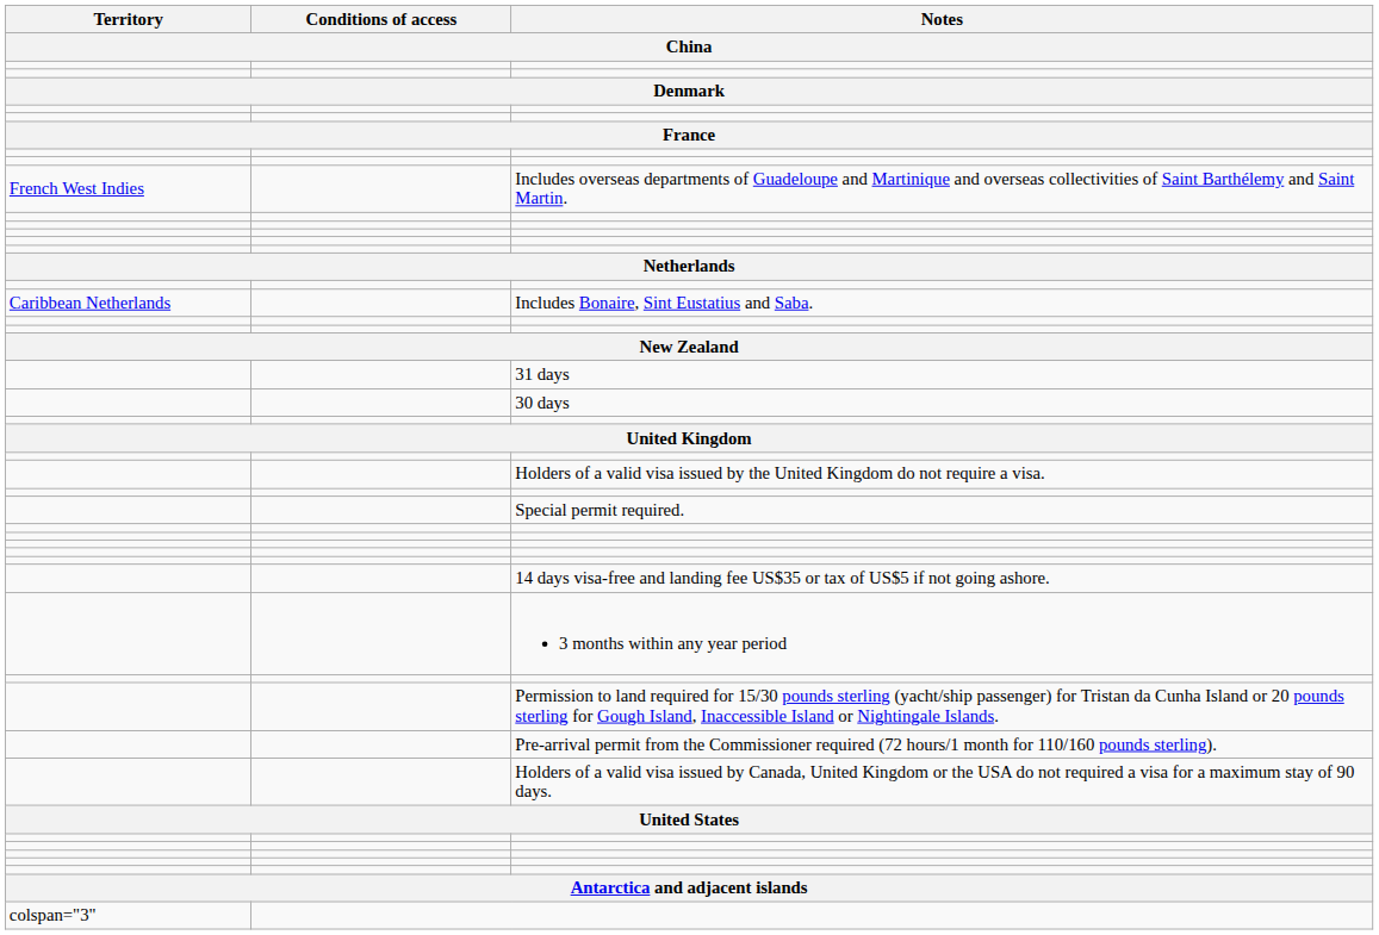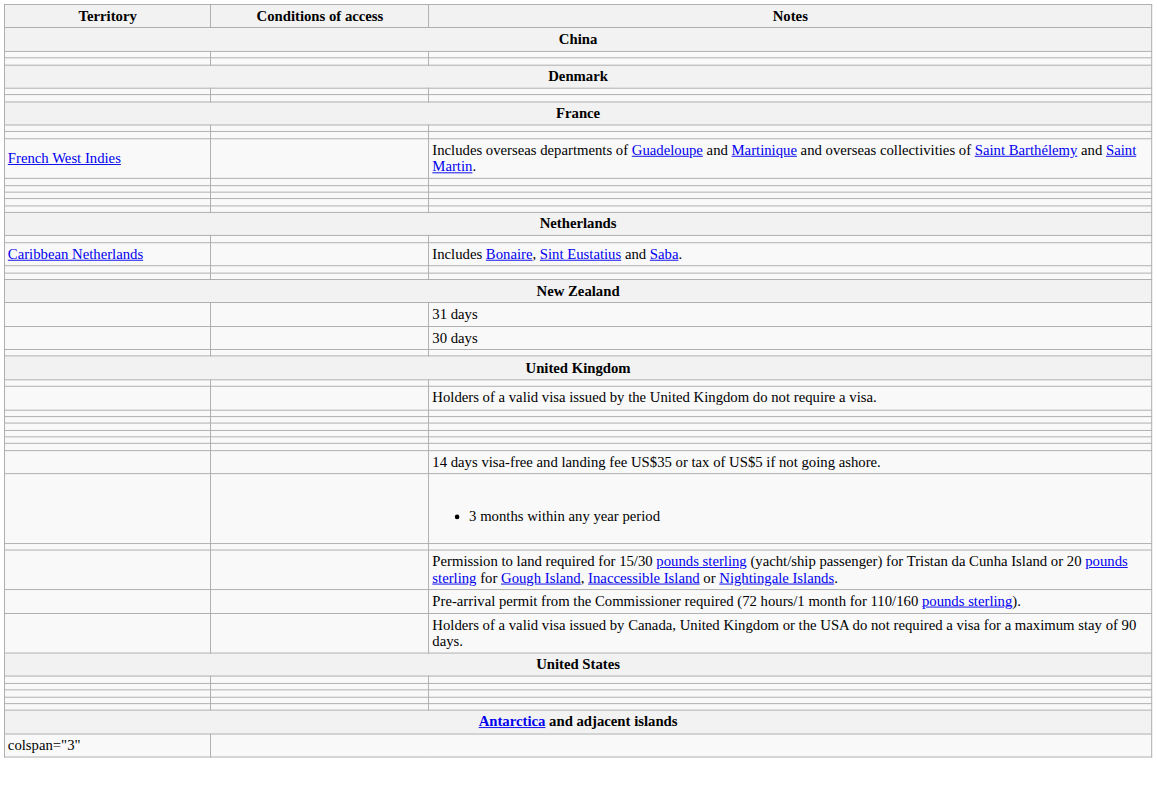 <table class="wikitable" style="text-align: left; table-layout: fixed;">
 <tr>
 <th style="width:18%;">Territory</th>
 <th style="width:19%;">Conditions of access</th>
 <th>Notes</th>
 </tr>
 <tr>
 <th colspan="3">China</th>
 </tr>
 <tr>
 <td></td>
 <td></td>
 <td></td>
 </tr>
 <tr>
 <td></td>
 <td></td>
 <td></td>
 </tr>
 <tr>
 <th colspan="3">Denmark</th>
 </tr>
 <tr>
 <td></td>
 <td></td>
 <td></td>
 </tr>
 <tr>
 <td></td>
 <td></td>
 <td></td>
 </tr>
 <tr>
 <th colspan="3">France</th>
 </tr>
 <tr>
 <td></td>
 <td></td>
 <td></td>
 </tr>
 <tr>
 <td></td>
 <td></td>
 <td></td>
 </tr>
 <tr>
 <td> <a href='#'>French West Indies</a></td>
 <td></td>
 <td>Includes overseas departments of <a href='#'>Guadeloupe</a> and <a href='#'>Martinique</a> and overseas collectivities of <a href='#'>Saint Barthélemy</a> and <a href='#'>Saint Martin</a>.</td>
 </tr>
 <tr>
 <td></td>
 <td></td>
 <td></td>
 </tr>
 <tr>
 <td></td>
 <td></td>
 <td></td>
 </tr>
 <tr>
 <td></td>
 <td></td>
 <td></td>
 </tr>
 <tr>
 <td></td>
 <td></td>
 <td></td>
 </tr>
 <tr>
 <td></td>
 <td></td>
 <td></td>
 </tr>
 <tr>
 <th colspan="3">Netherlands</th>
 </tr>
 <tr>
 <td></td>
 <td></td>
 <td></td>
 </tr>
 <tr>
 <td> <a href='#'>Caribbean Netherlands</a></td>
 <td></td>
 <td>Includes <a href='#'>Bonaire</a>, <a href='#'>Sint Eustatius</a> and <a href='#'>Saba</a>.</td>
 </tr>
 <tr>
 <td></td>
 <td></td>
 <td></td>
 </tr>
 <tr>
 <td></td>
 <td></td>
 <td></td>
 </tr>
 <tr>
 <th colspan="3">New Zealand</th>
 </tr>
 <tr>
 <td></td>
 <td></td>
 <td>31 days</td>
 </tr>
 <tr>
 <td></td>
 <td></td>
 <td>30 days</td>
 </tr>
 <tr>
 <td></td>
 <td></td>
 <td></td>
 </tr>
 <tr>
 <th colspan="3">United Kingdom</th>
 </tr>
 <tr>
 <td></td>
 <td></td>
 <td></td>
 </tr>
 <tr>
 <td></td>
 <td></td>
 <td>Holders of a valid visa issued by the United Kingdom do not require a visa.</td>
 </tr>
 <tr>
 <td></td>
 <td></td>
 <td></td>
 </tr>
 <tr>
 <td></td>
 <td></td>
-<td>Special permit required.</td>
-</tr>
-<tr>
-<td></td>
-<td></td>
 <td></td>
 </tr>
 <tr>
 <td></td>
 <td></td>
 <td></td>
 </tr>
 <tr>
 <td></td>
 <td></td>
 <td></td>
 </tr>
 <tr>
 <td></td>
 <td></td>
 <td></td>
 </tr>
 <tr>
 <td></td>
 <td></td>
 <td></td>
 </tr>
 <tr>
 <td></td>
 <td></td>
 <td>14 days visa-free and landing fee US$35 or tax of US$5 if not going ashore.</td>
 </tr>
 <tr>
 <td></td>
 <td></td>
 <td><br><ul><li>3 months within any year period</li></ul></td>
 </tr>
 <tr>
 <td></td>
 <td></td>
 <td></td>
 </tr>
 <tr>
 <td></td>
 <td></td>
 <td>Permission to land required for 15/30 <a href='#'>pounds sterling</a> (yacht/ship passenger) for Tristan da Cunha Island or 20 <a href='#'>pounds sterling</a> for <a href='#'>Gough Island</a>, <a href='#'>Inaccessible Island</a> or <a href='#'>Nightingale Islands</a>.</td>
 </tr>
 <tr>
 <td></td>
 <td></td>
 <td>Pre-arrival permit from the Commissioner required (72 hours/1 month for 110/160 <a href='#'>pounds sterling</a>).</td>
 </tr>
 <tr>
 <td></td>
 <td></td>
 <td>Holders of a valid visa issued by Canada, United Kingdom or the USA do not required a visa for a maximum stay of 90 days.</td>
 </tr>
 <tr>
 <th colspan="3">United States</th>
 </tr>
 <tr>
 <td></td>
 <td></td>
 <td></td>
 </tr>
 <tr>
 <td></td>
 <td></td>
 <td></td>
 </tr>
 <tr>
 <td></td>
 <td></td>
 <td></td>
 </tr>
 <tr>
 <td></td>
 <td></td>
 <td></td>
 </tr>
 <tr>
 <td></td>
 <td></td>
 <td></td>
 </tr>
 <tr>
 <th colspan="3"><a href='#'>Antarctica</a> and adjacent islands</th>
 </tr>
 <tr>
 <td>colspan="3" </td>
 </tr>
 </table>
